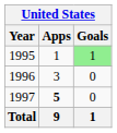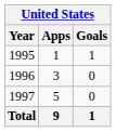 <table class="wikitable" style="text-align:center">
 <tr>
 <th colspan=3><a href='#'>United States</a></th>
 </tr>
 <tr>
 <th>Year</th>
 <th>Apps</th>
 <th>Goals</th>
 </tr>
 <tr>
 <td>1995</td>
 <td>1</td>
-<td style="background: lightgreen;">1</td>
+<td>1</td>
 </tr>
 <tr>
 <td>1996</td>
 <td>3</td>
 <td>0</td>
 </tr>
 <tr>
 <td>1997</td>
-<td><strong>5</strong></td>
+<td>5</td>
 <td>0</td>
 </tr>
 <tr>
 <th>Total</th>
 <th>9</th>
 <th>1</th>
 </tr>
 </table>
